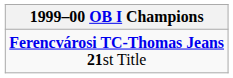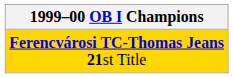 <table class=wikitable style="text-align:center; margin:auto">
 <tr>
 <th>1999–00 <a href='#'>OB I</a> Champions</th>
 </tr>
 <tr>
-<td><strong><a href='#'>Ferencvárosi TC-Thomas Jeans</a></strong><br><strong>21</strong>st Title</td>
+<td style="background: gold;"><strong><a href='#'>Ferencvárosi TC-Thomas Jeans</a></strong><br><strong>21</strong>st Title</td>
 </tr>
 </table>
